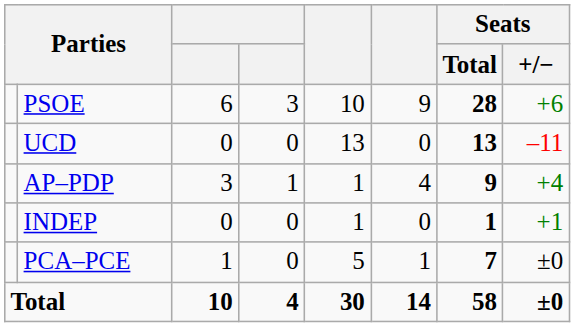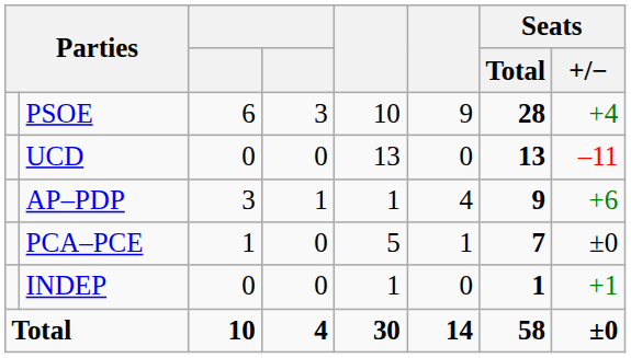 <table class="wikitable" style="text-align:right;">
 <tr>
 <th rowspan="2" colspan="2" width="100">Parties</th>
 <th colspan="2"></th>
 <th rowspan="2" width="35"><a href='#'></a></th>
 <th rowspan="2" width="35"></th>
 <th colspan="2">Seats</th>
 </tr>
 <tr>
 <th width="35"></th>
 <th width="35"></th>
 <th width="35">Total</th>
 <th width="35">+/−</th>
 </tr>
 <tr>
 <td width="1" style="color:inherit;background:"></td>
 <td align="left"><a href='#'>PSOE</a></td>
 <td>6</td>
 <td>3</td>
 <td>10</td>
 <td>9</td>
 <td><strong>28</strong></td>
-<td style="color:green;">+6</td>
+<td style="color:green;">+4</td>
 </tr>
 <tr>
 <td style="color:inherit;background:"></td>
 <td align="left"><a href='#'>UCD</a></td>
 <td>0</td>
 <td>0</td>
 <td>13</td>
 <td>0</td>
 <td><strong>13</strong></td>
 <td style="color:red;">–11</td>
 </tr>
 <tr>
 <td style="color:inherit;background:"></td>
 <td align="left"><a href='#'>AP–PDP</a></td>
 <td>3</td>
 <td>1</td>
 <td>1</td>
 <td>4</td>
 <td><strong>9</strong></td>
-<td style="color:green;">+4</td>
+<td style="color:green;">+6</td>
+</tr>
+<tr>
+<td style="color:inherit;background:"></td>
+<td align="left"><a href='#'>PCA–PCE</a></td>
+<td>1</td>
+<td>0</td>
+<td>5</td>
+<td>1</td>
+<td><strong>7</strong></td>
+<td>±0</td>
 </tr>
 <tr>
 <td style="color:inherit;background:"></td>
 <td align="left"><a href='#'>INDEP</a></td>
 <td>0</td>
 <td>0</td>
 <td>1</td>
 <td>0</td>
 <td><strong>1</strong></td>
 <td style="color:green;">+1</td>
 </tr>
-<tr>
-<td style="color:inherit;background:"></td>
-<td align="left"><a href='#'>PCA–PCE</a></td>
-<td>1</td>
-<td>0</td>
-<td>5</td>
-<td>1</td>
-<td><strong>7</strong></td>
-<td>±0</td>
-</tr>
 <tr style="font-weight:bold;">
 <td align="left" colspan="2">Total</td>
 <td>10</td>
 <td>4</td>
 <td>30</td>
 <td>14</td>
 <td>58</td>
 <td>±0</td>
 </tr>
 </table>
